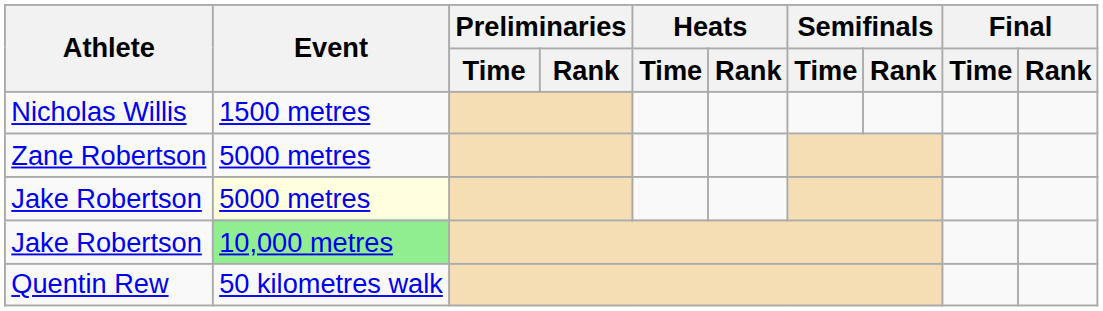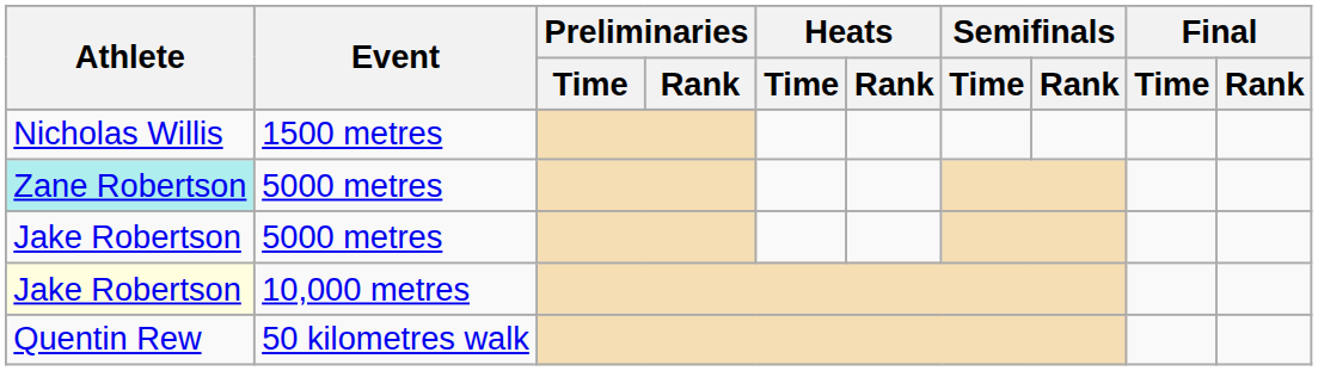 <table class=wikitable style="font-size:90%;">
 <tr>
 <th rowspan="2">Athlete</th>
 <th rowspan="2">Event</th>
 <th colspan="2">Preliminaries</th>
 <th colspan="2">Heats</th>
 <th colspan="2">Semifinals</th>
 <th colspan="2">Final</th>
 </tr>
 <tr>
 <th>Time</th>
 <th>Rank</th>
 <th>Time</th>
 <th>Rank</th>
 <th>Time</th>
 <th>Rank</th>
 <th>Time</th>
 <th>Rank</th>
 </tr>
 <tr style="border-top: single;">
 <td><a href='#'>Nicholas Willis</a></td>
 <td><a href='#'>1500 metres</a></td>
 <td colspan= 2 bgcolor="wheat"></td>
 <td align=center></td>
 <td align=center></td>
 <td align=center></td>
 <td align=center></td>
 <td align=center></td>
 <td align=center></td>
 </tr>
 <tr style="border-top: single;">
-<td><a href='#'>Zane Robertson</a></td>
+<td style="background: paleturquoise;"><a href='#'>Zane Robertson</a></td>
 <td><a href='#'>5000 metres</a></td>
 <td colspan= 2 bgcolor="wheat"></td>
 <td align=center></td>
 <td align=center></td>
 <td colspan= 2 bgcolor="wheat"></td>
 <td align=center></td>
 <td align=center></td>
 </tr>
 <tr style="border-top: single;">
 <td><a href='#'>Jake Robertson</a></td>
-<td style="background: lightyellow;"><a href='#'>5000 metres</a></td>
+<td><a href='#'>5000 metres</a></td>
 <td colspan= 2 bgcolor="wheat"></td>
 <td align=center></td>
 <td align=center></td>
 <td colspan= 2 bgcolor="wheat"></td>
 <td align=center></td>
 <td align=center></td>
 </tr>
 <tr style="border-top: single;">
-<td><a href='#'>Jake Robertson</a></td>
-<td style="background: lightgreen;"><a href='#'>10,000 metres</a></td>
+<td style="background: lightyellow;"><a href='#'>Jake Robertson</a></td>
+<td><a href='#'>10,000 metres</a></td>
 <td colspan= 6 bgcolor="wheat"></td>
 <td align=center></td>
 <td align=center></td>
 </tr>
 <tr style="border-top: single;">
 <td><a href='#'>Quentin Rew</a></td>
 <td><a href='#'>50 kilometres walk</a></td>
 <td colspan= 6 bgcolor="wheat"></td>
 <td align=center></td>
 <td align=center></td>
 </tr>
 </table>
